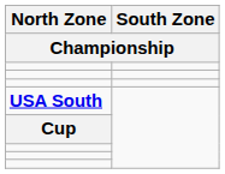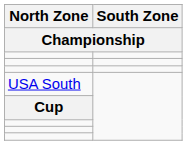 <table class="wikitable">
 <tr>
 <th width=50%>North Zone</th>
 <th width=50%>South Zone</th>
 </tr>
 <tr>
 <th colspan=2>Championship</th>
 </tr>
 <tr>
 <td></td>
 <td></td>
 </tr>
 <tr>
 <td></td>
 <td></td>
 </tr>
 <tr>
 <td></td>
 <td></td>
 </tr>
 <tr>
-<td><strong> <a href='#'>USA South</a></strong></td>
+<td> <a href='#'>USA South</a></td>
 </tr>
 <tr>
 <th>Cup</th>
 </tr>
 <tr>
 <td></td>
 </tr>
 <tr>
 <td></td>
 </tr>
 <tr>
 <td></td>
 </tr>
 </table>
